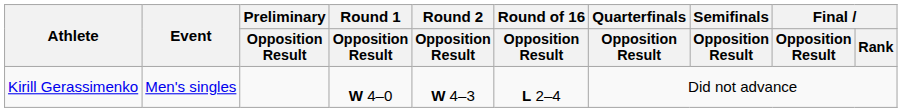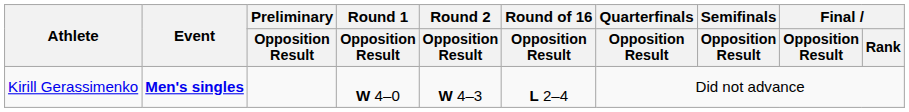 <table class=wikitable style=font-size:90%;text-align:center>
 <tr>
 <th rowspan=2>Athlete</th>
 <th rowspan=2>Event</th>
 <th>Preliminary</th>
 <th>Round 1</th>
 <th>Round 2</th>
 <th>Round of 16</th>
 <th>Quarterfinals</th>
 <th>Semifinals</th>
 <th colspan=2>Final / </th>
 </tr>
 <tr style=font-size:95%>
 <th>Opposition<br>Result</th>
 <th>Opposition<br>Result</th>
 <th>Opposition<br>Result</th>
 <th>Opposition<br>Result</th>
 <th>Opposition<br>Result</th>
 <th>Opposition<br>Result</th>
 <th>Opposition<br>Result</th>
 <th>Rank</th>
 </tr>
 <tr>
 <td align=left><a href='#'>Kirill Gerassimenko</a></td>
-<td align=left><a href='#'>Men's singles</a></td>
+<td align=left><strong><a href='#'>Men's singles</a></strong></td>
 <td></td>
 <td><br> <strong>W</strong> 4–0</td>
 <td><br> <strong>W</strong> 4–3</td>
 <td><br> <strong>L</strong> 2–4</td>
 <td colspan=4>Did not advance</td>
 </tr>
 </table>
